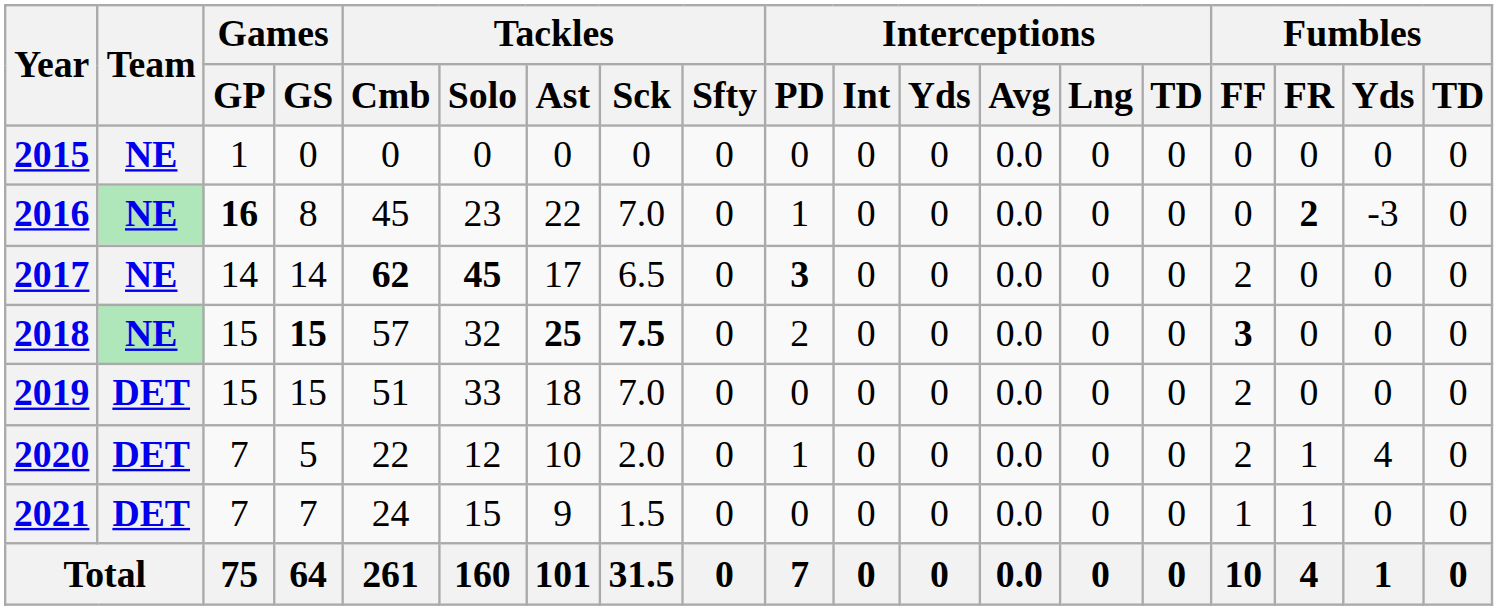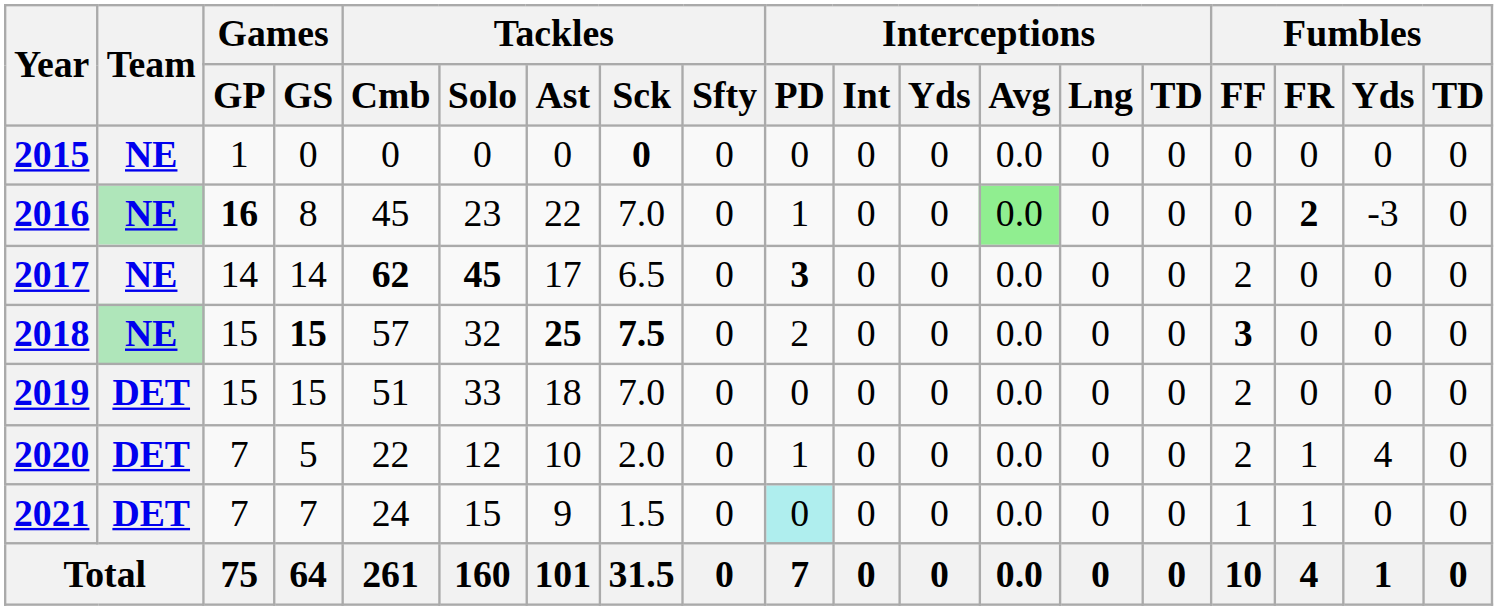 <table class= "wikitable" style="text-align:center;">
 <tr>
 <th rowspan="2">Year</th>
 <th rowspan="2">Team</th>
 <th colspan="2">Games</th>
 <th colspan="5">Tackles</th>
 <th colspan="6">Interceptions</th>
 <th colspan="4">Fumbles</th>
 </tr>
 <tr>
 <th>GP</th>
 <th>GS</th>
 <th>Cmb</th>
 <th>Solo</th>
 <th>Ast</th>
 <th>Sck</th>
 <th>Sfty</th>
 <th>PD</th>
 <th>Int</th>
 <th>Yds</th>
 <th>Avg</th>
 <th>Lng</th>
 <th>TD</th>
 <th>FF</th>
 <th>FR</th>
 <th>Yds</th>
 <th>TD</th>
 </tr>
 <tr>
 <th><a href='#'>2015</a></th>
 <th><a href='#'>NE</a></th>
 <td>1</td>
 <td>0</td>
 <td>0</td>
 <td>0</td>
 <td>0</td>
-<td>0</td>
+<td><strong>0</strong></td>
 <td>0</td>
 <td>0</td>
 <td>0</td>
 <td>0</td>
 <td>0.0</td>
 <td>0</td>
 <td>0</td>
 <td>0</td>
 <td>0</td>
 <td>0</td>
 <td>0</td>
 </tr>
 <tr>
 <th><a href='#'>2016</a></th>
 <th style="background:#afe6ba;"><a href='#'>NE</a></th>
 <td><strong>16</strong></td>
 <td>8</td>
 <td>45</td>
 <td>23</td>
 <td>22</td>
 <td>7.0</td>
 <td>0</td>
 <td>1</td>
 <td>0</td>
 <td>0</td>
-<td>0.0</td>
+<td style="background: lightgreen;">0.0</td>
 <td>0</td>
 <td>0</td>
 <td>0</td>
 <td><strong>2</strong></td>
 <td>-3</td>
 <td>0</td>
 </tr>
 <tr>
 <th><a href='#'>2017</a></th>
 <th><a href='#'>NE</a></th>
 <td>14</td>
 <td>14</td>
 <td><strong>62</strong></td>
 <td><strong>45</strong></td>
 <td>17</td>
 <td>6.5</td>
 <td>0</td>
 <td><strong>3</strong></td>
 <td>0</td>
 <td>0</td>
 <td>0.0</td>
 <td>0</td>
 <td>0</td>
 <td>2</td>
 <td>0</td>
 <td>0</td>
 <td>0</td>
 </tr>
 <tr>
 <th><a href='#'>2018</a></th>
 <th style="background:#afe6ba;"><a href='#'>NE</a></th>
 <td>15</td>
 <td><strong>15</strong></td>
 <td>57</td>
 <td>32</td>
 <td><strong>25</strong></td>
 <td><strong>7.5</strong></td>
 <td>0</td>
 <td>2</td>
 <td>0</td>
 <td>0</td>
 <td>0.0</td>
 <td>0</td>
 <td>0</td>
 <td><strong>3</strong></td>
 <td>0</td>
 <td>0</td>
 <td>0</td>
 </tr>
 <tr>
 <th><a href='#'>2019</a></th>
 <th><a href='#'>DET</a></th>
 <td>15</td>
 <td>15</td>
 <td>51</td>
 <td>33</td>
 <td>18</td>
 <td>7.0</td>
 <td>0</td>
 <td>0</td>
 <td>0</td>
 <td>0</td>
 <td>0.0</td>
 <td>0</td>
 <td>0</td>
 <td>2</td>
 <td>0</td>
 <td>0</td>
 <td>0</td>
 </tr>
 <tr>
 <th><a href='#'>2020</a></th>
 <th><a href='#'>DET</a></th>
 <td>7</td>
 <td>5</td>
 <td>22</td>
 <td>12</td>
 <td>10</td>
 <td>2.0</td>
 <td>0</td>
 <td>1</td>
 <td>0</td>
 <td>0</td>
 <td>0.0</td>
 <td>0</td>
 <td>0</td>
 <td>2</td>
 <td>1</td>
 <td>4</td>
 <td>0</td>
 </tr>
 <tr>
 <th><a href='#'>2021</a></th>
 <th><a href='#'>DET</a></th>
 <td>7</td>
 <td>7</td>
 <td>24</td>
 <td>15</td>
 <td>9</td>
 <td>1.5</td>
 <td>0</td>
-<td>0</td>
+<td style="background: paleturquoise;">0</td>
 <td>0</td>
 <td>0</td>
 <td>0.0</td>
 <td>0</td>
 <td>0</td>
 <td>1</td>
 <td>1</td>
 <td>0</td>
 <td>0</td>
 </tr>
 <tr>
 <th colspan="2">Total</th>
 <th>75</th>
 <th>64</th>
 <th>261</th>
 <th>160</th>
 <th>101</th>
 <th>31.5</th>
 <th>0</th>
 <th>7</th>
 <th>0</th>
 <th>0</th>
 <th>0.0</th>
 <th>0</th>
 <th>0</th>
 <th>10</th>
 <th>4</th>
 <th>1</th>
 <th>0</th>
 </tr>
 </table>
